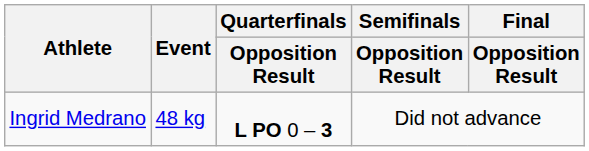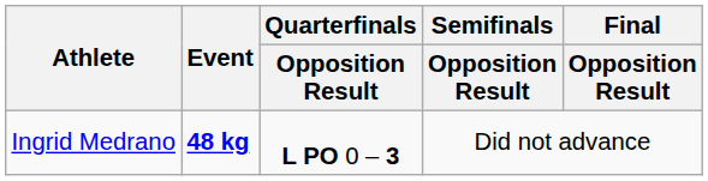 <table class="wikitable" border="1" style="font-size:90%">
 <tr>
 <th rowspan=2>Athlete</th>
 <th rowspan=2>Event</th>
 <th>Quarterfinals</th>
 <th>Semifinals</th>
 <th>Final</th>
 </tr>
 <tr>
 <th>Opposition<br>Result</th>
 <th>Opposition<br>Result</th>
 <th>Opposition<br>Result</th>
 </tr>
 <tr>
 <td><a href='#'>Ingrid Medrano</a></td>
-<td><a href='#'>48 kg</a></td>
+<td><strong><a href='#'>48 kg</a></strong></td>
 <td align=center><br><strong>L PO</strong> 0 – <strong>3</strong></td>
 <td align=center colspan="7">Did not advance</td>
 </tr>
 </table>
